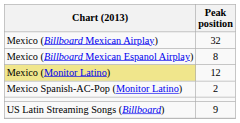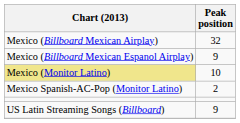 <table class="wikitable sortable">
 <tr>
 <th>Chart (2013)</th>
 <th>Peak<br>position</th>
 </tr>
 <tr>
 <td>Mexico (<a href='#'><em>Billboard</em> Mexican Airplay</a>)</td>
 <td align="center">32</td>
 </tr>
 <tr>
 <td>Mexico (<a href='#'><em>Billboard</em> Mexican Espanol Airplay</a>)</td>
-<td align="center">8</td>
+<td align="center">9</td>
 </tr>
 <tr>
 <td style="background: khaki;">Mexico (<a href='#'>Monitor Latino</a>)</td>
-<td align="center">12</td>
+<td align="center">10</td>
 </tr>
 <tr>
 <td>Mexico Spanish-AC-Pop (<a href='#'>Monitor Latino</a>)</td>
 <td align="center">2</td>
 </tr>
 <tr>
 <td></td>
 </tr>
 <tr>
 <td>US Latin Streaming Songs (<em><a href='#'>Billboard</a></em>)</td>
 <td align="center">9</td>
 </tr>
 <tr>
 </tr>
 </table>
